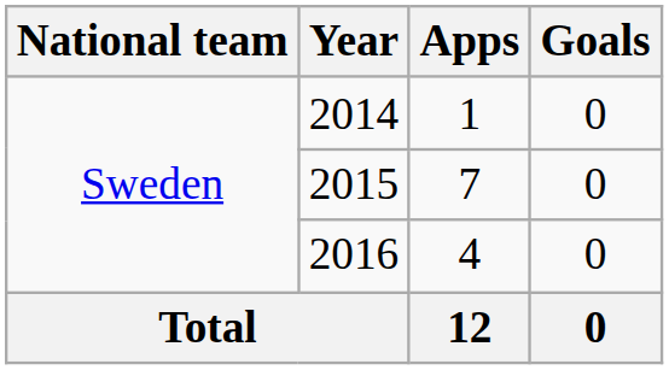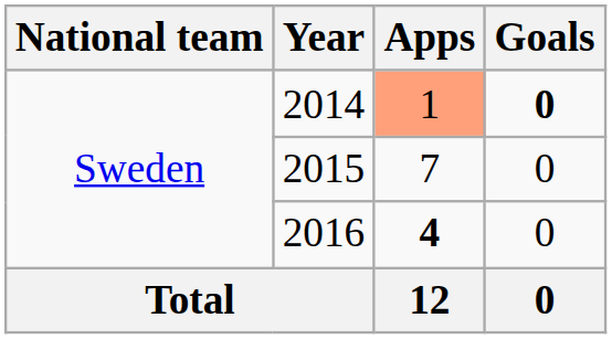 <table class="wikitable" style="text-align:center;">
 <tr>
 <th>National team</th>
 <th>Year</th>
 <th>Apps</th>
 <th>Goals</th>
 </tr>
 <tr>
 <td rowspan="3"><a href='#'>Sweden</a></td>
 <td>2014</td>
-<td>1</td>
-<td>0</td>
+<td style="background: lightsalmon;">1</td>
+<td><strong>0</strong></td>
 </tr>
 <tr>
 <td>2015</td>
 <td>7</td>
 <td>0</td>
 </tr>
 <tr>
 <td>2016</td>
-<td>4</td>
+<td><strong>4</strong></td>
 <td>0</td>
 </tr>
 <tr>
 <th colspan=2>Total</th>
 <th>12</th>
 <th>0</th>
 </tr>
 </table>
